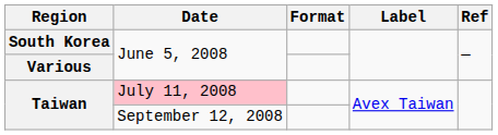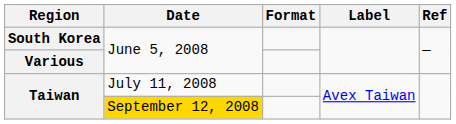 <table class="wikitable plainrowheaders">
 <tr>
 <th scope="col">Region</th>
 <th scope="col">Date</th>
 <th scope="col">Format</th>
 <th scope="col">Label</th>
 <th scope="col">Ref</th>
 </tr>
 <tr>
 <th scope="row">South Korea</th>
 <td rowspan="2">June 5, 2008</td>
 <td></td>
 <td rowspan="2"></td>
 <td rowspan="2">—</td>
 </tr>
 <tr>
 <th scope="row">Various </th>
 <td></td>
 </tr>
 <tr>
 <th scope="row" rowspan="2">Taiwan</th>
-<td style="background: pink;">July 11, 2008</td>
+<td>July 11, 2008</td>
 <td></td>
 <td rowspan="2"><a href='#'>Avex Taiwan</a></td>
 <td rowspan="2"></td>
 </tr>
 <tr>
-<td>September 12, 2008</td>
+<td style="background: gold;">September 12, 2008</td>
 <td></td>
 </tr>
 </table>
